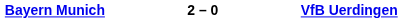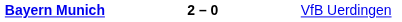 <table width=100% cellspacing=1>
 <tr>
 <th width=25%></th>
 <th width=10%></th>
 <th width=25%></th>
 <th></th>
 </tr>
 <tr style=font-size:90%>
 <td align=right><strong><a href='#'>Bayern Munich</a></strong></td>
 <td align=center><strong>2 – 0</strong></td>
-<td><strong><a href='#'>VfB Uerdingen</a></strong></td>
+<td><a href='#'>VfB Uerdingen</a></td>
 </tr>
 </table>
